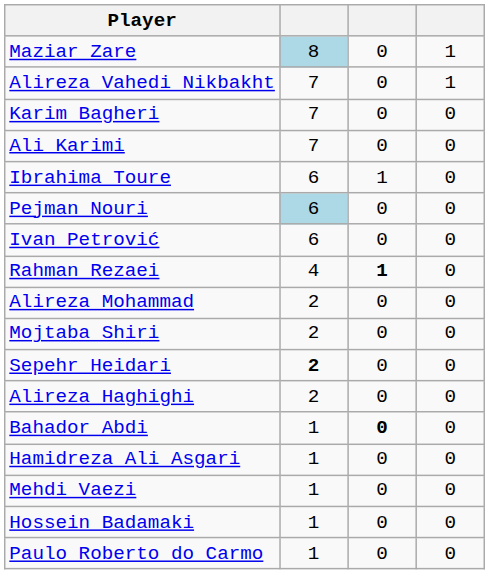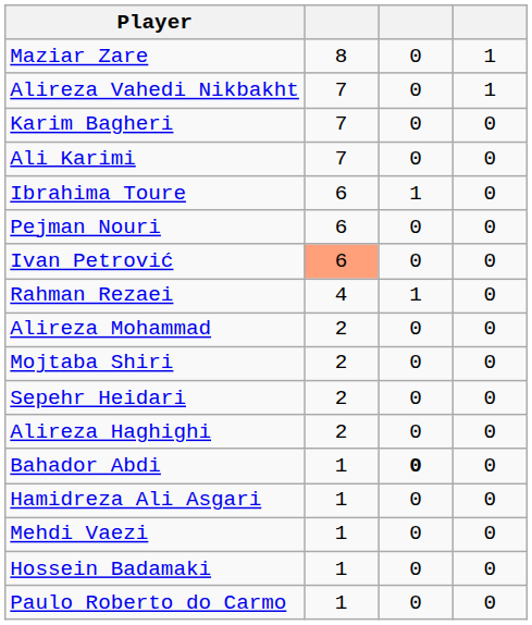 <table class="wikitable" style="text-align: center;">
 <tr>
 <th wight=200>Player</th>
 <th width=40></th>
 <th width=40></th>
 <th width=40></th>
 </tr>
 <tr>
 <td style="text-align:left"> <a href='#'>Maziar Zare</a></td>
-<td style="background: lightblue;">8</td>
+<td>8</td>
 <td>0</td>
 <td>1</td>
 </tr>
 <tr>
 <td style="text-align:left"> <a href='#'>Alireza Vahedi Nikbakht</a></td>
 <td>7</td>
 <td>0</td>
 <td>1</td>
 </tr>
 <tr>
 <td style="text-align:left"> <a href='#'>Karim Bagheri</a></td>
 <td>7</td>
 <td>0</td>
 <td>0</td>
 </tr>
 <tr>
 <td style="text-align:left"> <a href='#'>Ali Karimi</a></td>
 <td>7</td>
 <td>0</td>
 <td>0</td>
 </tr>
 <tr>
 <td style="text-align:left"> <a href='#'>Ibrahima Toure</a></td>
 <td>6</td>
 <td>1</td>
 <td>0</td>
 </tr>
 <tr>
 <td style="text-align:left"> <a href='#'>Pejman Nouri</a></td>
-<td style="background: lightblue;">6</td>
+<td>6</td>
 <td>0</td>
 <td>0</td>
 </tr>
 <tr>
 <td style="text-align:left"> <a href='#'>Ivan Petrović</a></td>
-<td>6</td>
+<td style="background: lightsalmon;">6</td>
 <td>0</td>
 <td>0</td>
 </tr>
 <tr>
 <td style="text-align:left"> <a href='#'>Rahman Rezaei</a></td>
 <td>4</td>
-<td><strong>1</strong></td>
+<td>1</td>
 <td>0</td>
 </tr>
 <tr>
 <td style="text-align:left"> <a href='#'>Alireza Mohammad</a></td>
 <td>2</td>
 <td>0</td>
 <td>0</td>
 </tr>
 <tr>
 <td style="text-align:left"> <a href='#'>Mojtaba Shiri</a></td>
 <td>2</td>
 <td>0</td>
 <td>0</td>
 </tr>
 <tr>
 <td style="text-align:left"> <a href='#'>Sepehr Heidari</a></td>
-<td><strong>2</strong></td>
+<td>2</td>
 <td>0</td>
 <td>0</td>
 </tr>
 <tr>
 <td style="text-align:left"> <a href='#'>Alireza Haghighi</a></td>
 <td>2</td>
 <td>0</td>
 <td>0</td>
 </tr>
 <tr>
 <td style="text-align:left"> <a href='#'>Bahador Abdi</a></td>
 <td>1</td>
 <td><strong>0</strong></td>
 <td>0</td>
 </tr>
 <tr>
 <td style="text-align:left"> <a href='#'>Hamidreza Ali Asgari</a></td>
 <td>1</td>
 <td>0</td>
 <td>0</td>
 </tr>
 <tr>
 <td style="text-align:left"> <a href='#'>Mehdi Vaezi</a></td>
 <td>1</td>
 <td>0</td>
 <td>0</td>
 </tr>
 <tr>
 <td style="text-align:left"> <a href='#'>Hossein Badamaki</a></td>
 <td>1</td>
 <td>0</td>
 <td>0</td>
 </tr>
 <tr>
 <td style="text-align:left"> <a href='#'>Paulo Roberto do Carmo</a></td>
 <td>1</td>
 <td>0</td>
 <td>0</td>
 </tr>
 </table>
